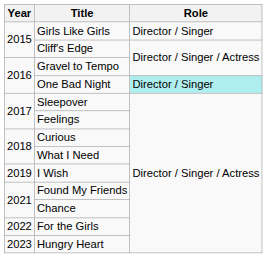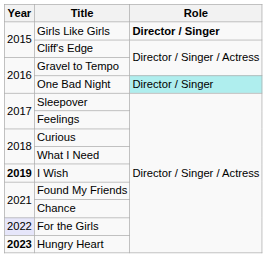 <table class="wikitable">
 <tr>
 <th>Year</th>
 <th>Title</th>
 <th>Role</th>
 </tr>
 <tr>
 <td rowspan=2>2015</td>
 <td>Girls Like Girls</td>
-<td>Director / Singer</td>
+<td><strong>Director / Singer</strong></td>
 </tr>
 <tr>
 <td>Cliff's Edge</td>
 <td rowspan=2>Director / Singer / Actress</td>
 </tr>
 <tr>
 <td rowspan=2>2016</td>
 <td>Gravel to Tempo</td>
 </tr>
 <tr>
 <td>One Bad Night</td>
 <td style="background: paleturquoise;">Director / Singer</td>
 </tr>
 <tr>
 <td rowspan=2>2017</td>
 <td>Sleepover</td>
 <td rowspan=9>Director / Singer / Actress</td>
 </tr>
 <tr>
 <td>Feelings</td>
 </tr>
 <tr>
 <td rowspan=2>2018</td>
 <td>Curious</td>
 </tr>
 <tr>
 <td>What I Need</td>
 </tr>
 <tr>
-<td>2019</td>
+<td><strong>2019</strong></td>
 <td>I Wish</td>
 </tr>
 <tr>
 <td rowspan=2>2021</td>
 <td>Found My Friends</td>
 </tr>
 <tr>
 <td>Chance</td>
 </tr>
 <tr>
-<td>2022</td>
+<td style="background: lavender;">2022</td>
 <td>For the Girls</td>
 </tr>
 <tr>
-<td>2023</td>
+<td><strong>2023</strong></td>
 <td>Hungry Heart</td>
 </tr>
 </table>
